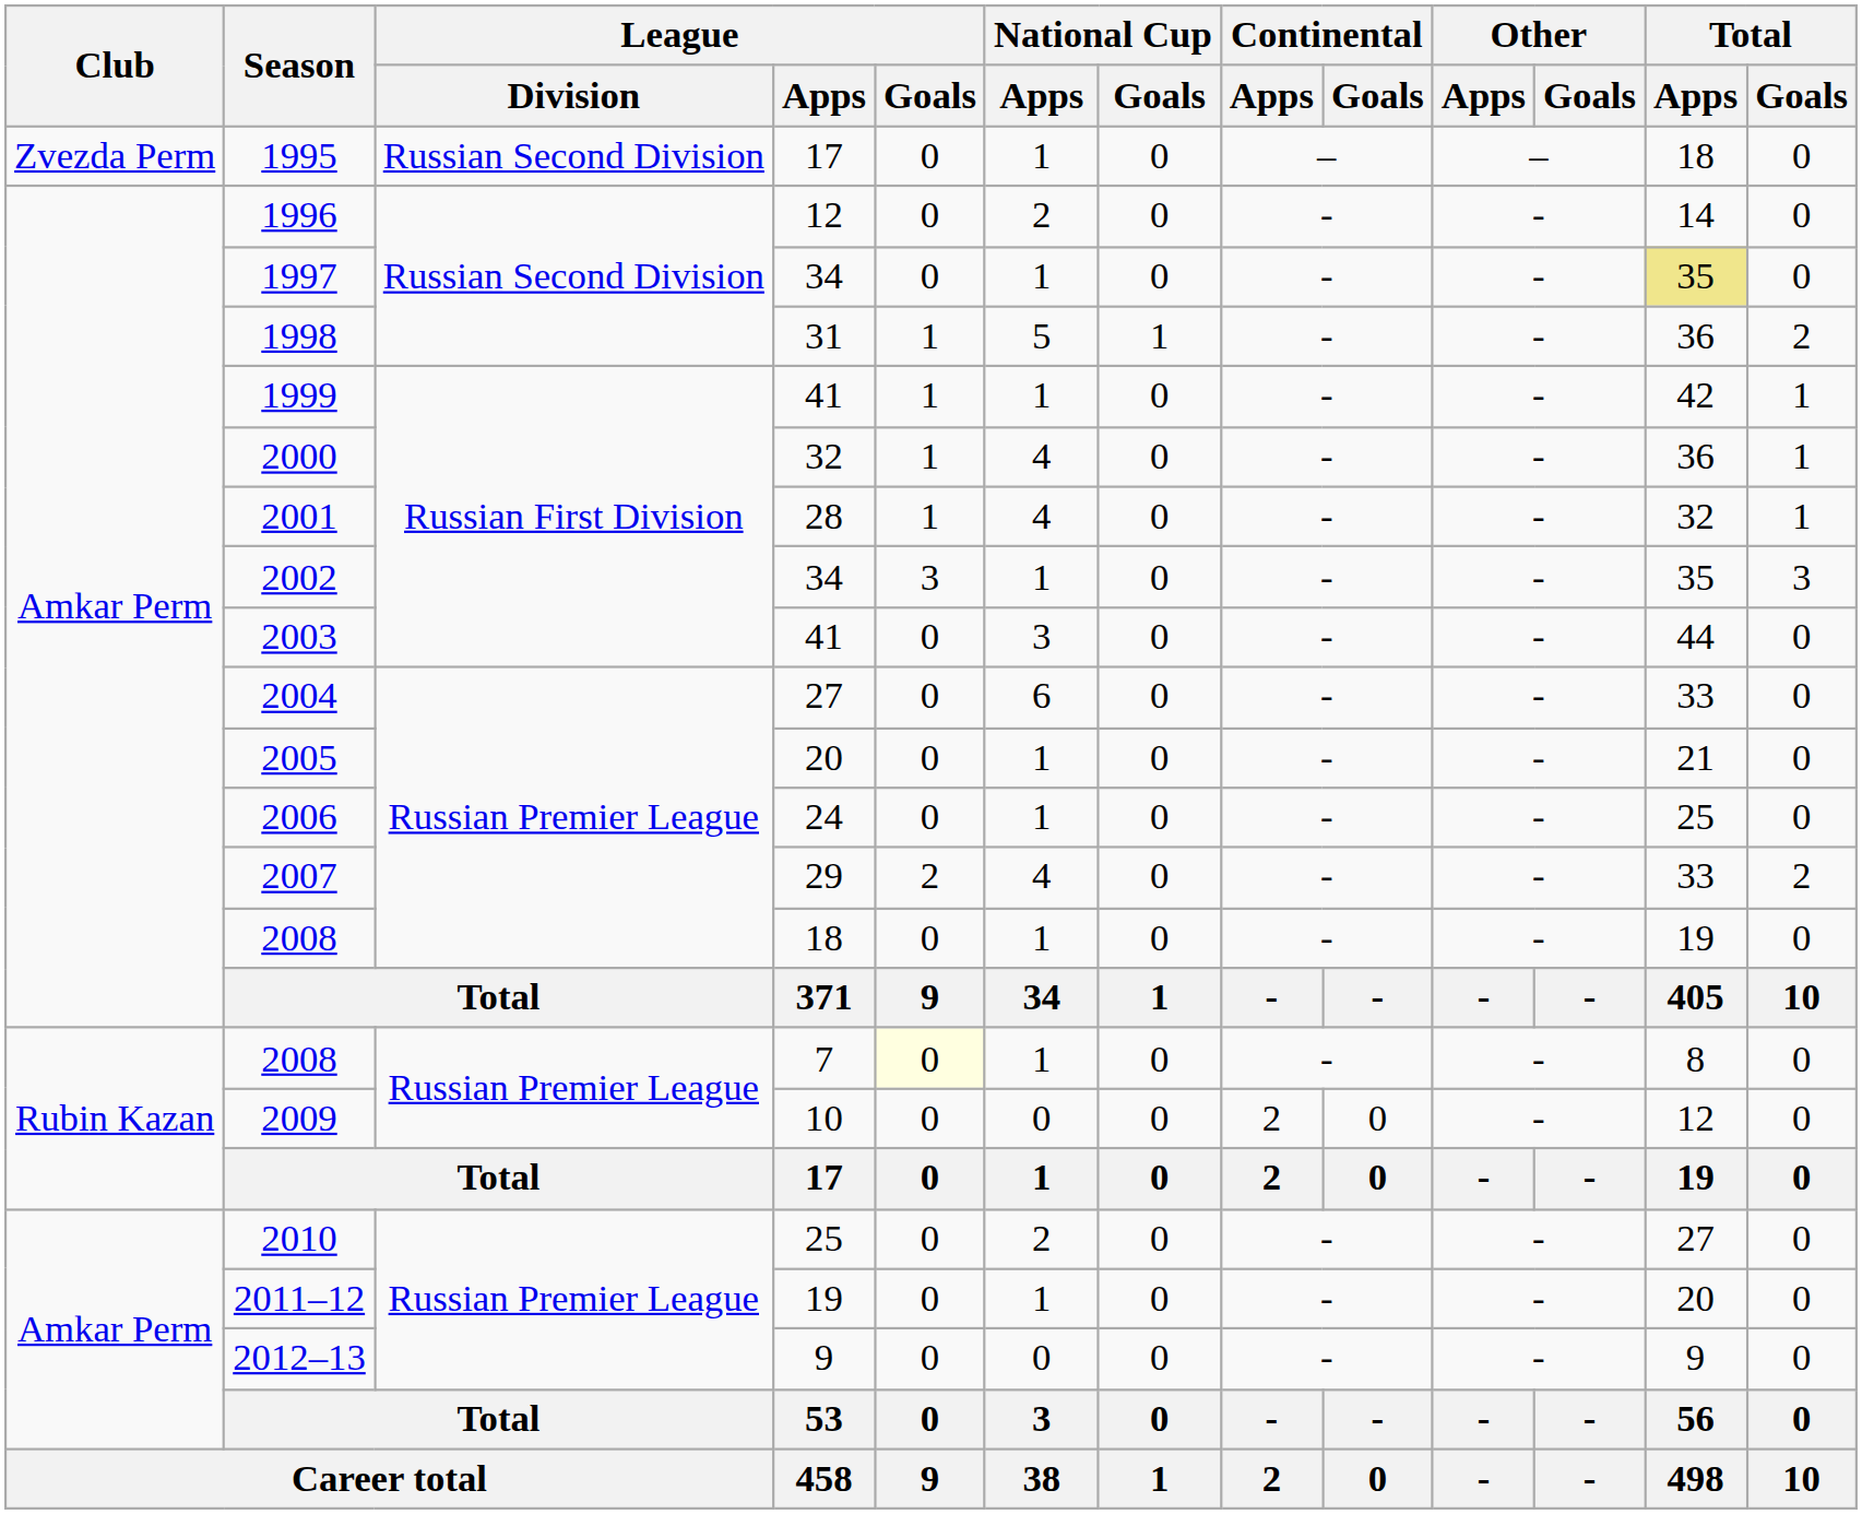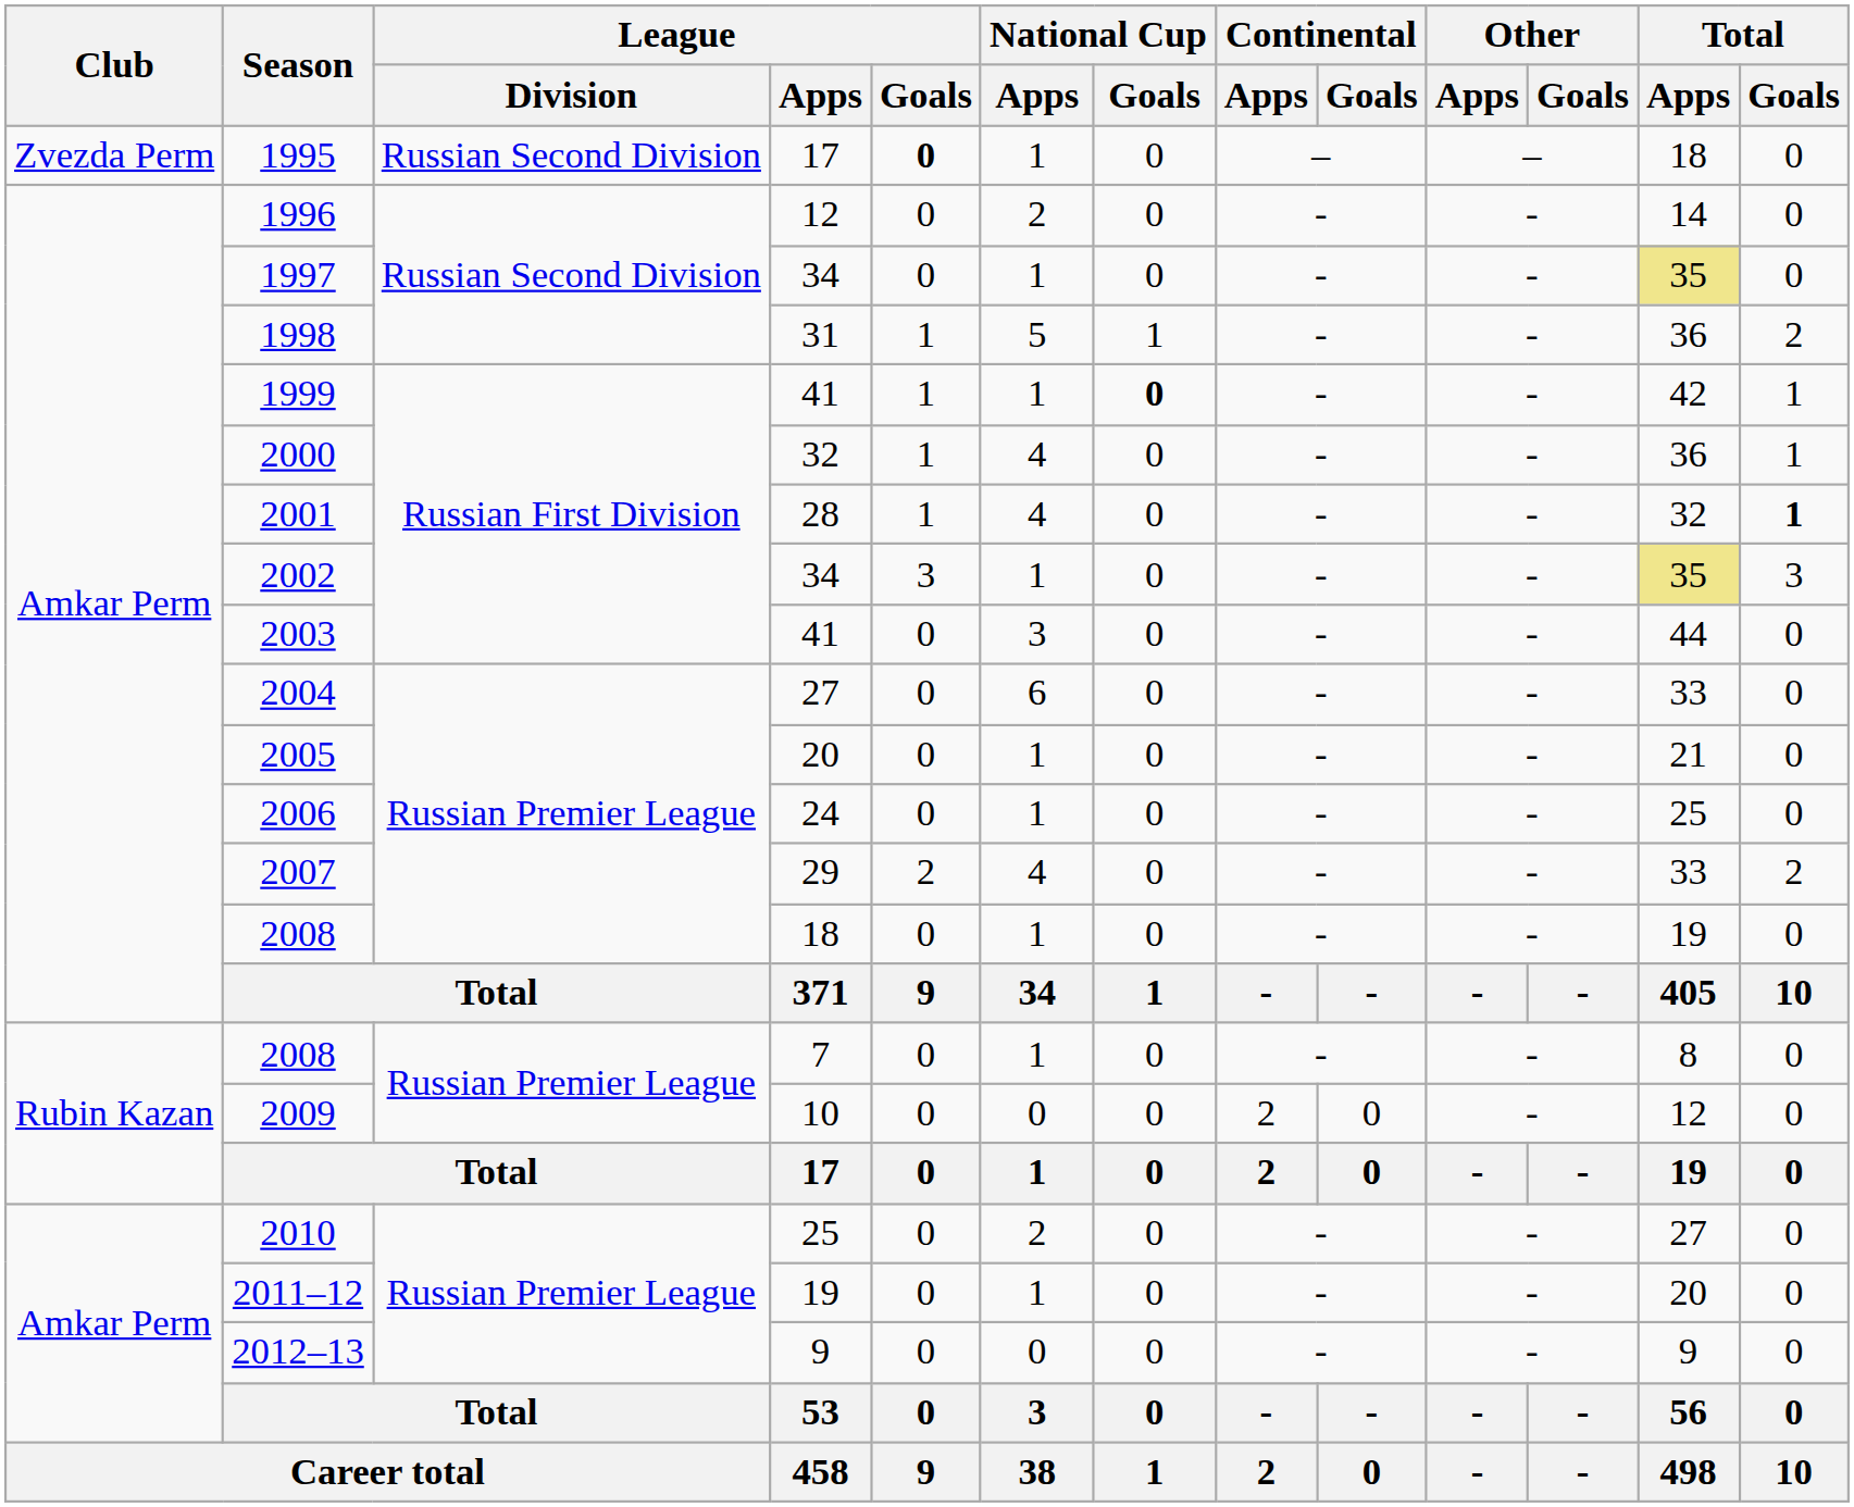 <table class="wikitable" style="text-align: center;">
 <tr>
 <th rowspan="2">Club</th>
 <th rowspan="2">Season</th>
 <th colspan="3">League</th>
 <th colspan="2">National Cup</th>
 <th colspan="2">Continental</th>
 <th colspan="2">Other</th>
 <th colspan="2">Total</th>
 </tr>
 <tr>
 <th>Division</th>
 <th>Apps</th>
 <th>Goals</th>
 <th>Apps</th>
 <th>Goals</th>
 <th>Apps</th>
 <th>Goals</th>
 <th>Apps</th>
 <th>Goals</th>
 <th>Apps</th>
 <th>Goals</th>
 </tr>
 <tr>
 <td valign="center"><a href='#'>Zvezda Perm</a></td>
 <td><a href='#'>1995</a></td>
 <td><a href='#'>Russian Second Division</a></td>
 <td>17</td>
-<td>0</td>
+<td><strong>0</strong></td>
 <td>1</td>
 <td>0</td>
 <td colspan="2">–</td>
 <td colspan="2">–</td>
 <td>18</td>
 <td>0</td>
 </tr>
 <tr>
 <td rowspan="14" valign="center"><a href='#'>Amkar Perm</a></td>
 <td><a href='#'>1996</a></td>
 <td rowspan="3" valign="center"><a href='#'>Russian Second Division</a></td>
 <td>12</td>
 <td>0</td>
 <td>2</td>
 <td>0</td>
 <td colspan="2">-</td>
 <td colspan="2">-</td>
 <td>14</td>
 <td>0</td>
 </tr>
 <tr>
 <td><a href='#'>1997</a></td>
 <td>34</td>
 <td>0</td>
 <td>1</td>
 <td>0</td>
 <td colspan="2">-</td>
 <td colspan="2">-</td>
 <td style="background: khaki;">35</td>
 <td>0</td>
 </tr>
 <tr>
 <td><a href='#'>1998</a></td>
 <td>31</td>
 <td>1</td>
 <td>5</td>
 <td>1</td>
 <td colspan="2">-</td>
 <td colspan="2">-</td>
 <td>36</td>
 <td>2</td>
 </tr>
 <tr>
 <td><a href='#'>1999</a></td>
 <td rowspan="5" valign="center"><a href='#'>Russian First Division</a></td>
 <td>41</td>
 <td>1</td>
 <td>1</td>
-<td>0</td>
+<td><strong>0</strong></td>
 <td colspan="2">-</td>
 <td colspan="2">-</td>
 <td>42</td>
 <td>1</td>
 </tr>
 <tr>
 <td><a href='#'>2000</a></td>
 <td>32</td>
 <td>1</td>
 <td>4</td>
 <td>0</td>
 <td colspan="2">-</td>
 <td colspan="2">-</td>
 <td>36</td>
 <td>1</td>
 </tr>
 <tr>
 <td><a href='#'>2001</a></td>
 <td>28</td>
 <td>1</td>
 <td>4</td>
 <td>0</td>
 <td colspan="2">-</td>
 <td colspan="2">-</td>
 <td>32</td>
-<td>1</td>
+<td><strong>1</strong></td>
 </tr>
 <tr>
 <td><a href='#'>2002</a></td>
 <td>34</td>
 <td>3</td>
 <td>1</td>
 <td>0</td>
 <td colspan="2">-</td>
 <td colspan="2">-</td>
-<td>35</td>
+<td style="background: khaki;">35</td>
 <td>3</td>
 </tr>
 <tr>
 <td><a href='#'>2003</a></td>
 <td>41</td>
 <td>0</td>
 <td>3</td>
 <td>0</td>
 <td colspan="2">-</td>
 <td colspan="2">-</td>
 <td>44</td>
 <td>0</td>
 </tr>
 <tr>
 <td><a href='#'>2004</a></td>
 <td rowspan="5" valign="center"><a href='#'>Russian Premier League</a></td>
 <td>27</td>
 <td>0</td>
 <td>6</td>
 <td>0</td>
 <td colspan="2">-</td>
 <td colspan="2">-</td>
 <td>33</td>
 <td>0</td>
 </tr>
 <tr>
 <td><a href='#'>2005</a></td>
 <td>20</td>
 <td>0</td>
 <td>1</td>
 <td>0</td>
 <td colspan="2">-</td>
 <td colspan="2">-</td>
 <td>21</td>
 <td>0</td>
 </tr>
 <tr>
 <td><a href='#'>2006</a></td>
 <td>24</td>
 <td>0</td>
 <td>1</td>
 <td>0</td>
 <td colspan="2">-</td>
 <td colspan="2">-</td>
 <td>25</td>
 <td>0</td>
 </tr>
 <tr>
 <td><a href='#'>2007</a></td>
 <td>29</td>
 <td>2</td>
 <td>4</td>
 <td>0</td>
 <td colspan="2">-</td>
 <td colspan="2">-</td>
 <td>33</td>
 <td>2</td>
 </tr>
 <tr>
 <td><a href='#'>2008</a></td>
 <td>18</td>
 <td>0</td>
 <td>1</td>
 <td>0</td>
 <td colspan="2">-</td>
 <td colspan="2">-</td>
 <td>19</td>
 <td>0</td>
 </tr>
 <tr>
 <th colspan="2">Total</th>
 <th>371</th>
 <th>9</th>
 <th>34</th>
 <th>1</th>
 <th>-</th>
 <th>-</th>
 <th>-</th>
 <th>-</th>
 <th>405</th>
 <th>10</th>
 </tr>
 <tr>
 <td rowspan="3" valign="center"><a href='#'>Rubin Kazan</a></td>
 <td><a href='#'>2008</a></td>
 <td rowspan="2" valign="center"><a href='#'>Russian Premier League</a></td>
 <td>7</td>
-<td style="background: lightyellow;">0</td>
+<td>0</td>
 <td>1</td>
 <td>0</td>
 <td colspan="2">-</td>
 <td colspan="2">-</td>
 <td>8</td>
 <td>0</td>
 </tr>
 <tr>
 <td><a href='#'>2009</a></td>
 <td>10</td>
 <td>0</td>
 <td>0</td>
 <td>0</td>
 <td>2</td>
 <td>0</td>
 <td colspan="2">-</td>
 <td>12</td>
 <td>0</td>
 </tr>
 <tr>
 <th colspan="2">Total</th>
 <th>17</th>
 <th>0</th>
 <th>1</th>
 <th>0</th>
 <th>2</th>
 <th>0</th>
 <th>-</th>
 <th>-</th>
 <th>19</th>
 <th>0</th>
 </tr>
 <tr>
 <td rowspan="4" valign="center"><a href='#'>Amkar Perm</a></td>
 <td><a href='#'>2010</a></td>
 <td rowspan="3" valign="center"><a href='#'>Russian Premier League</a></td>
 <td>25</td>
 <td>0</td>
 <td>2</td>
 <td>0</td>
 <td colspan="2">-</td>
 <td colspan="2">-</td>
 <td>27</td>
 <td>0</td>
 </tr>
 <tr>
 <td><a href='#'>2011–12</a></td>
 <td>19</td>
 <td>0</td>
 <td>1</td>
 <td>0</td>
 <td colspan="2">-</td>
 <td colspan="2">-</td>
 <td>20</td>
 <td>0</td>
 </tr>
 <tr>
 <td><a href='#'>2012–13</a></td>
 <td>9</td>
 <td>0</td>
 <td>0</td>
 <td>0</td>
 <td colspan="2">-</td>
 <td colspan="2">-</td>
 <td>9</td>
 <td>0</td>
 </tr>
 <tr>
 <th colspan="2">Total</th>
 <th>53</th>
 <th>0</th>
 <th>3</th>
 <th>0</th>
 <th>-</th>
 <th>-</th>
 <th>-</th>
 <th>-</th>
 <th>56</th>
 <th>0</th>
 </tr>
 <tr>
 <th colspan="3">Career total</th>
 <th>458</th>
 <th>9</th>
 <th>38</th>
 <th>1</th>
 <th>2</th>
 <th>0</th>
 <th>-</th>
 <th>-</th>
 <th>498</th>
 <th>10</th>
 </tr>
 </table>
